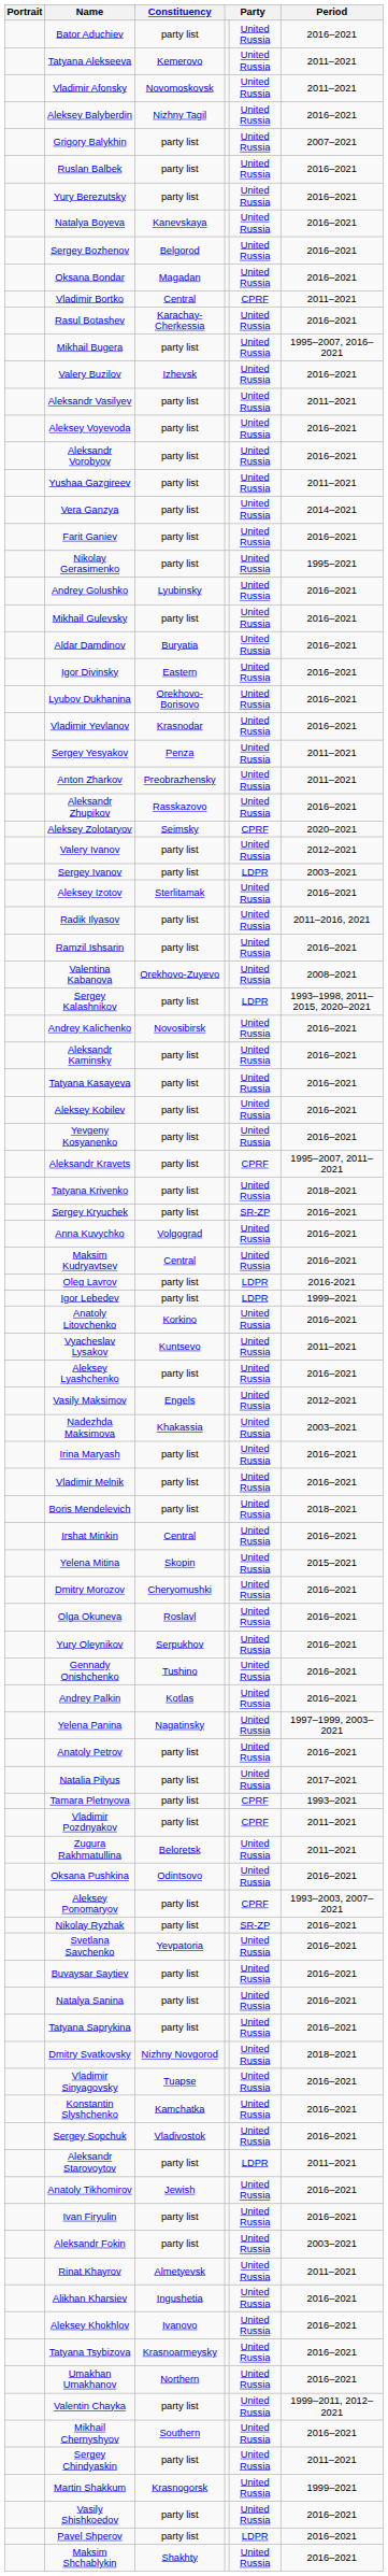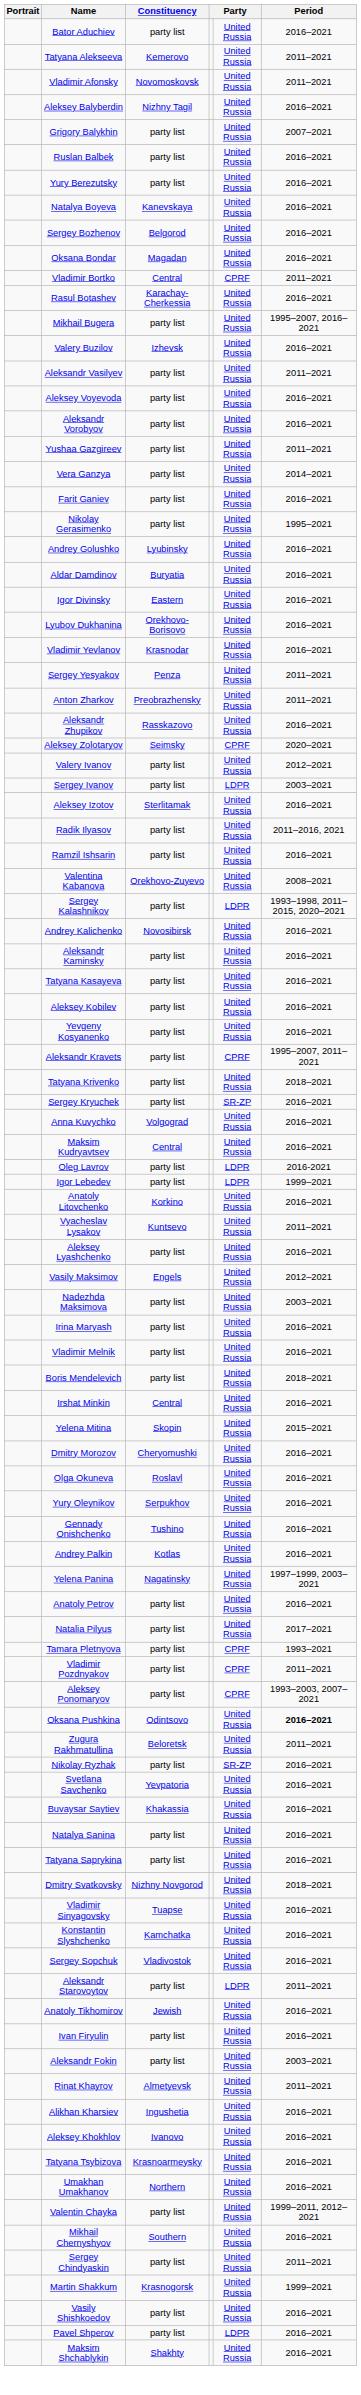 <table class="wikitable sortable">
 <tr>
 <th>Portrait</th>
 <th>Name</th>
 <th><a href='#'>Constituency</a></th>
 <th colspan=2>Party</th>
 <th>Period</th>
 </tr>
 <tr align=center>
 <td></td>
 <td><a href='#'>Bator Aduchiev</a></td>
 <td>party list</td>
 <td style="background-color: "></td>
 <td><a href='#'>United Russia</a></td>
 <td>2016–2021</td>
 </tr>
 <tr align=center>
 <td></td>
 <td><a href='#'>Tatyana Alekseeva</a></td>
 <td><a href='#'>Kemerovo</a></td>
 <td style="background-color: "></td>
 <td><a href='#'>United Russia</a></td>
 <td>2011–2021</td>
 </tr>
 <tr align=center>
 <td></td>
 <td><a href='#'>Vladimir Afonsky</a></td>
 <td><a href='#'>Novomoskovsk</a></td>
 <td style="background-color: "></td>
 <td><a href='#'>United Russia</a></td>
 <td>2011–2021</td>
 </tr>
 <tr align=center>
 <td></td>
 <td><a href='#'>Aleksey Balyberdin</a></td>
 <td><a href='#'>Nizhny Tagil</a></td>
 <td style="background-color: "></td>
 <td><a href='#'>United Russia</a></td>
 <td>2016–2021</td>
 </tr>
 <tr align=center>
 <td></td>
 <td><a href='#'>Grigory Balykhin</a></td>
 <td>party list</td>
 <td style="background-color: "></td>
 <td><a href='#'>United Russia</a></td>
 <td>2007–2021</td>
 </tr>
 <tr align=center>
 <td></td>
 <td><a href='#'>Ruslan Balbek</a></td>
 <td>party list</td>
 <td style="background-color: "></td>
 <td><a href='#'>United Russia</a></td>
 <td>2016–2021</td>
 </tr>
 <tr align=center>
 <td></td>
 <td><a href='#'>Yury Berezutsky</a></td>
 <td>party list</td>
 <td style="background-color: "></td>
 <td><a href='#'>United Russia</a></td>
 <td>2016–2021</td>
 </tr>
 <tr align=center>
 <td></td>
 <td><a href='#'>Natalya Boyeva</a></td>
 <td><a href='#'>Kanevskaya</a></td>
 <td style="background-color: "></td>
 <td><a href='#'>United Russia</a></td>
 <td>2016–2021</td>
 </tr>
 <tr align=center>
 <td></td>
 <td><a href='#'>Sergey Bozhenov</a></td>
 <td><a href='#'>Belgorod</a></td>
 <td style="background-color: "></td>
 <td><a href='#'>United Russia</a></td>
 <td>2016–2021</td>
 </tr>
 <tr align=center>
 <td></td>
 <td><a href='#'>Oksana Bondar</a></td>
 <td><a href='#'>Magadan</a></td>
 <td style="background-color: "></td>
 <td><a href='#'>United Russia</a></td>
 <td>2016–2021</td>
 </tr>
 <tr align=center>
 <td></td>
 <td><a href='#'>Vladimir Bortko</a></td>
 <td><a href='#'>Central</a></td>
 <td style="background-color: "></td>
 <td><a href='#'>CPRF</a></td>
 <td>2011–2021</td>
 </tr>
 <tr align=center>
 <td></td>
 <td><a href='#'>Rasul Botashev</a></td>
 <td><a href='#'>Karachay-Cherkessia</a></td>
 <td style="background-color: "></td>
 <td><a href='#'>United Russia</a></td>
 <td>2016–2021</td>
 </tr>
 <tr align=center>
 <td></td>
 <td><a href='#'>Mikhail Bugera</a></td>
 <td>party list</td>
 <td style="background-color: "></td>
 <td><a href='#'>United Russia</a></td>
 <td>1995–2007, 2016–2021</td>
 </tr>
 <tr align=center>
 <td></td>
 <td><a href='#'>Valery Buzilov</a></td>
 <td><a href='#'>Izhevsk</a></td>
 <td style="background-color: "></td>
 <td><a href='#'>United Russia</a></td>
 <td>2016–2021</td>
 </tr>
 <tr align=center>
 <td></td>
 <td><a href='#'>Aleksandr Vasilyev</a></td>
 <td>party list</td>
 <td style="background-color: "></td>
 <td><a href='#'>United Russia</a></td>
 <td>2011–2021</td>
 </tr>
 <tr align=center>
 <td></td>
 <td><a href='#'>Aleksey Voyevoda</a></td>
 <td>party list</td>
 <td style="background-color: "></td>
 <td><a href='#'>United Russia</a></td>
 <td>2016–2021</td>
 </tr>
 <tr align=center>
 <td></td>
 <td><a href='#'>Aleksandr Vorobyov</a></td>
 <td>party list</td>
 <td style="background-color: "></td>
 <td><a href='#'>United Russia</a></td>
 <td>2016–2021</td>
 </tr>
 <tr align=center>
 <td></td>
 <td><a href='#'>Yushaa Gazgireev</a></td>
 <td>party list</td>
 <td style="background-color: "></td>
 <td><a href='#'>United Russia</a></td>
 <td>2011–2021</td>
 </tr>
 <tr align=center>
 <td></td>
 <td><a href='#'>Vera Ganzya</a></td>
 <td>party list</td>
 <td style="background-color: "></td>
 <td><a href='#'>United Russia</a></td>
 <td>2014–2021</td>
 </tr>
 <tr align=center>
 <td></td>
 <td><a href='#'>Farit Ganiev</a></td>
 <td>party list</td>
 <td style="background-color: "></td>
 <td><a href='#'>United Russia</a></td>
 <td>2016–2021</td>
 </tr>
 <tr align=center>
 <td></td>
 <td><a href='#'>Nikolay Gerasimenko</a></td>
 <td>party list</td>
 <td style="background-color: "></td>
 <td><a href='#'>United Russia</a></td>
 <td>1995–2021</td>
 </tr>
 <tr align=center>
 <td></td>
 <td><a href='#'>Andrey Golushko</a></td>
 <td><a href='#'>Lyubinsky</a></td>
-<td style="background-color: "></td>
-<td><a href='#'>United Russia</a></td>
-<td>2016–2021</td>
-</tr>
-<tr align=center>
-<td></td>
-<td><a href='#'>Mikhail Gulevsky</a></td>
-<td>party list</td>
 <td style="background-color: "></td>
 <td><a href='#'>United Russia</a></td>
 <td>2016–2021</td>
 </tr>
 <tr align=center>
 <td></td>
 <td><a href='#'>Aldar Damdinov</a></td>
 <td><a href='#'>Buryatia</a></td>
 <td style="background-color: "></td>
 <td><a href='#'>United Russia</a></td>
 <td>2016–2021</td>
 </tr>
 <tr align=center>
 <td></td>
 <td><a href='#'>Igor Divinsky</a></td>
 <td><a href='#'>Eastern</a></td>
 <td style="background-color: "></td>
 <td><a href='#'>United Russia</a></td>
 <td>2016–2021</td>
 </tr>
 <tr align=center>
 <td></td>
 <td><a href='#'>Lyubov Dukhanina</a></td>
 <td><a href='#'>Orekhovo-Borisovo</a></td>
 <td style="background-color: "></td>
 <td><a href='#'>United Russia</a></td>
 <td>2016–2021</td>
 </tr>
 <tr align=center>
 <td></td>
 <td><a href='#'>Vladimir Yevlanov</a></td>
 <td><a href='#'>Krasnodar</a></td>
 <td style="background-color: "></td>
 <td><a href='#'>United Russia</a></td>
 <td>2016–2021</td>
 </tr>
 <tr align=center>
 <td></td>
 <td><a href='#'>Sergey Yesyakov</a></td>
 <td><a href='#'>Penza</a></td>
 <td style="background-color: "></td>
 <td><a href='#'>United Russia</a></td>
 <td>2011–2021</td>
 </tr>
 <tr align=center>
 <td></td>
 <td><a href='#'>Anton Zharkov</a></td>
 <td><a href='#'>Preobrazhensky</a></td>
 <td style="background-color: "></td>
 <td><a href='#'>United Russia</a></td>
 <td>2011–2021</td>
 </tr>
 <tr align=center>
 <td></td>
 <td><a href='#'>Aleksandr Zhupikov</a></td>
 <td><a href='#'>Rasskazovo</a></td>
 <td style="background-color: "></td>
 <td><a href='#'>United Russia</a></td>
 <td>2016–2021</td>
 </tr>
 <tr align=center>
 <td></td>
 <td><a href='#'>Aleksey Zolotaryov</a></td>
 <td><a href='#'>Seimsky</a></td>
 <td style="background-color: "></td>
 <td><a href='#'>CPRF</a></td>
 <td>2020–2021</td>
 </tr>
 <tr align=center>
 <td></td>
 <td><a href='#'>Valery Ivanov</a></td>
 <td>party list</td>
 <td style="background-color: "></td>
 <td><a href='#'>United Russia</a></td>
 <td>2012–2021</td>
 </tr>
 <tr align=center>
 <td></td>
 <td><a href='#'>Sergey Ivanov</a></td>
 <td>party list</td>
 <td style="background-color: "></td>
 <td><a href='#'>LDPR</a></td>
 <td>2003–2021</td>
 </tr>
 <tr align=center>
 <td></td>
 <td><a href='#'>Aleksey Izotov</a></td>
 <td><a href='#'>Sterlitamak</a></td>
 <td style="background-color: "></td>
 <td><a href='#'>United Russia</a></td>
 <td>2016–2021</td>
 </tr>
 <tr align=center>
 <td></td>
 <td><a href='#'>Radik Ilyasov</a></td>
 <td>party list</td>
 <td style="background-color: "></td>
 <td><a href='#'>United Russia</a></td>
 <td>2011–2016, 2021</td>
 </tr>
 <tr align=center>
 <td></td>
 <td><a href='#'>Ramzil Ishsarin</a></td>
 <td>party list</td>
 <td style="background-color: "></td>
 <td><a href='#'>United Russia</a></td>
 <td>2016–2021</td>
 </tr>
 <tr align=center>
 <td></td>
 <td><a href='#'>Valentina Kabanova</a></td>
 <td><a href='#'>Orekhovo-Zuyevo</a></td>
 <td style="background-color: "></td>
 <td><a href='#'>United Russia</a></td>
 <td>2008–2021</td>
 </tr>
 <tr align=center>
 <td></td>
 <td><a href='#'>Sergey Kalashnikov</a></td>
 <td>party list</td>
 <td style="background-color: "></td>
 <td><a href='#'>LDPR</a></td>
 <td>1993–1998, 2011–2015, 2020–2021</td>
 </tr>
 <tr align=center>
 <td></td>
 <td><a href='#'>Andrey Kalichenko</a></td>
 <td><a href='#'>Novosibirsk</a></td>
 <td style="background-color: "></td>
 <td><a href='#'>United Russia</a></td>
 <td>2016–2021</td>
 </tr>
 <tr align=center>
 <td></td>
 <td><a href='#'>Aleksandr Kaminsky</a></td>
 <td>party list</td>
 <td style="background-color: "></td>
 <td><a href='#'>United Russia</a></td>
 <td>2016–2021</td>
 </tr>
 <tr align=center>
 <td></td>
 <td><a href='#'>Tatyana Kasayeva</a></td>
 <td>party list</td>
 <td style="background-color: "></td>
 <td><a href='#'>United Russia</a></td>
 <td>2016–2021</td>
 </tr>
 <tr align=center>
 <td></td>
 <td><a href='#'>Aleksey Kobilev</a></td>
 <td>party list</td>
 <td style="background-color: "></td>
 <td><a href='#'>United Russia</a></td>
 <td>2016–2021</td>
 </tr>
 <tr align=center>
 <td></td>
 <td><a href='#'>Yevgeny Kosyanenko</a></td>
 <td>party list</td>
 <td style="background-color: "></td>
 <td><a href='#'>United Russia</a></td>
 <td>2016–2021</td>
 </tr>
 <tr align=center>
 <td></td>
 <td><a href='#'>Aleksandr Kravets</a></td>
 <td>party list</td>
 <td style="background-color: "></td>
 <td><a href='#'>CPRF</a></td>
 <td>1995–2007, 2011–2021</td>
 </tr>
 <tr align=center>
 <td></td>
 <td><a href='#'>Tatyana Krivenko</a></td>
 <td>party list</td>
 <td style="background-color: "></td>
 <td><a href='#'>United Russia</a></td>
 <td>2018–2021</td>
 </tr>
 <tr align=center>
 <td></td>
 <td><a href='#'>Sergey Kryuchek</a></td>
 <td>party list</td>
 <td style="background-color: "></td>
 <td><a href='#'>SR-ZP</a></td>
 <td>2016–2021</td>
 </tr>
 <tr align=center>
 <td></td>
 <td><a href='#'>Anna Kuvychko</a></td>
 <td><a href='#'>Volgograd</a></td>
 <td style="background-color: "></td>
 <td><a href='#'>United Russia</a></td>
 <td>2016–2021</td>
 </tr>
 <tr align=center>
 <td></td>
 <td><a href='#'>Maksim Kudryavtsev</a></td>
 <td><a href='#'>Central</a></td>
 <td style="background-color: "></td>
 <td><a href='#'>United Russia</a></td>
 <td>2016–2021</td>
 </tr>
 <tr align=center>
 <td></td>
 <td><a href='#'>Oleg Lavrov</a></td>
 <td>party list</td>
 <td style="background-color: "></td>
 <td><a href='#'>LDPR</a></td>
 <td>2016-2021</td>
 </tr>
 <tr align=center>
 <td></td>
 <td><a href='#'>Igor Lebedev</a></td>
 <td>party list</td>
 <td style="background-color: "></td>
 <td><a href='#'>LDPR</a></td>
 <td>1999–2021</td>
 </tr>
 <tr align=center>
 <td></td>
 <td><a href='#'>Anatoly Litovchenko</a></td>
 <td><a href='#'>Korkino</a></td>
 <td style="background-color: "></td>
 <td><a href='#'>United Russia</a></td>
 <td>2016–2021</td>
 </tr>
 <tr align=center>
 <td></td>
 <td><a href='#'>Vyacheslav Lysakov</a></td>
 <td><a href='#'>Kuntsevo</a></td>
 <td style="background-color: "></td>
 <td><a href='#'>United Russia</a></td>
 <td>2011–2021</td>
 </tr>
 <tr align=center>
 <td></td>
 <td><a href='#'>Aleksey Lyashchenko</a></td>
 <td>party list</td>
 <td style="background-color: "></td>
 <td><a href='#'>United Russia</a></td>
 <td>2016–2021</td>
 </tr>
 <tr align=center>
 <td></td>
 <td><a href='#'>Vasily Maksimov</a></td>
 <td><a href='#'>Engels</a></td>
 <td style="background-color: "></td>
 <td><a href='#'>United Russia</a></td>
 <td>2012–2021</td>
 </tr>
 <tr align=center>
 <td></td>
 <td><a href='#'>Nadezhda Maksimova</a></td>
-<td><a href='#'>Khakassia</a></td>
+<td>party list</td>
 <td style="background-color: "></td>
 <td><a href='#'>United Russia</a></td>
 <td>2003–2021</td>
 </tr>
 <tr align=center>
 <td></td>
 <td><a href='#'>Irina Maryash</a></td>
 <td>party list</td>
 <td style="background-color: "></td>
 <td><a href='#'>United Russia</a></td>
 <td>2016–2021</td>
 </tr>
 <tr align=center>
 <td></td>
 <td><a href='#'>Vladimir Melnik</a></td>
 <td>party list</td>
 <td style="background-color: "></td>
 <td><a href='#'>United Russia</a></td>
 <td>2016–2021</td>
 </tr>
 <tr align=center>
 <td></td>
 <td><a href='#'>Boris Mendelevich</a></td>
 <td>party list</td>
 <td style="background-color: "></td>
 <td><a href='#'>United Russia</a></td>
 <td>2018–2021</td>
 </tr>
 <tr align=center>
 <td></td>
 <td><a href='#'>Irshat Minkin</a></td>
 <td><a href='#'>Central</a></td>
 <td style="background-color: "></td>
 <td><a href='#'>United Russia</a></td>
 <td>2016–2021</td>
 </tr>
 <tr align=center>
 <td></td>
 <td><a href='#'>Yelena Mitina</a></td>
 <td><a href='#'>Skopin</a></td>
 <td style="background-color: "></td>
 <td><a href='#'>United Russia</a></td>
 <td>2015–2021</td>
 </tr>
 <tr align=center>
 <td></td>
 <td><a href='#'>Dmitry Morozov</a></td>
 <td><a href='#'>Cheryomushki</a></td>
 <td style="background-color: "></td>
 <td><a href='#'>United Russia</a></td>
 <td>2016–2021</td>
 </tr>
 <tr align=center>
 <td></td>
 <td><a href='#'>Olga Okuneva</a></td>
 <td><a href='#'>Roslavl</a></td>
 <td style="background-color: "></td>
 <td><a href='#'>United Russia</a></td>
 <td>2016–2021</td>
 </tr>
 <tr align=center>
 <td></td>
 <td><a href='#'>Yury Oleynikov</a></td>
 <td><a href='#'>Serpukhov</a></td>
 <td style="background-color: "></td>
 <td><a href='#'>United Russia</a></td>
 <td>2016–2021</td>
 </tr>
 <tr align=center>
 <td></td>
 <td><a href='#'>Gennady Onishchenko</a></td>
 <td><a href='#'>Tushino</a></td>
 <td style="background-color: "></td>
 <td><a href='#'>United Russia</a></td>
 <td>2016–2021</td>
 </tr>
 <tr align=center>
 <td></td>
 <td><a href='#'>Andrey Palkin</a></td>
 <td><a href='#'>Kotlas</a></td>
 <td style="background-color: "></td>
 <td><a href='#'>United Russia</a></td>
 <td>2016–2021</td>
 </tr>
 <tr align=center>
 <td></td>
 <td><a href='#'>Yelena Panina</a></td>
 <td><a href='#'>Nagatinsky</a></td>
 <td style="background-color: "></td>
 <td><a href='#'>United Russia</a></td>
 <td>1997–1999, 2003–2021</td>
 </tr>
 <tr align=center>
 <td></td>
 <td><a href='#'>Anatoly Petrov</a></td>
 <td>party list</td>
 <td style="background-color: "></td>
 <td><a href='#'>United Russia</a></td>
 <td>2016–2021</td>
 </tr>
 <tr align=center>
 <td></td>
 <td><a href='#'>Natalia Pilyus</a></td>
 <td>party list</td>
 <td style="background-color: "></td>
 <td><a href='#'>United Russia</a></td>
 <td>2017–2021</td>
 </tr>
 <tr align=center>
 <td></td>
 <td><a href='#'>Tamara Pletnyova</a></td>
 <td>party list</td>
 <td style="background-color: "></td>
 <td><a href='#'>CPRF</a></td>
 <td>1993–2021</td>
 </tr>
 <tr align=center>
 <td></td>
 <td><a href='#'>Vladimir Pozdnyakov</a></td>
 <td>party list</td>
 <td style="background-color: "></td>
 <td><a href='#'>CPRF</a></td>
 <td>2011–2021</td>
 </tr>
 <tr align=center>
 <td></td>
-<td><a href='#'>Zugura Rakhmatullina</a></td>
-<td><a href='#'>Beloretsk</a></td>
+<td><a href='#'>Aleksey Ponomaryov</a></td>
+<td>party list</td>
 <td style="background-color: "></td>
-<td><a href='#'>United Russia</a></td>
-<td>2011–2021</td>
+<td><a href='#'>CPRF</a></td>
+<td>1993–2003, 2007–2021</td>
 </tr>
 <tr align=center>
 <td></td>
 <td><a href='#'>Oksana Pushkina</a></td>
 <td><a href='#'>Odintsovo</a></td>
 <td style="background-color: "></td>
 <td><a href='#'>United Russia</a></td>
-<td>2016–2021</td>
+<td><strong>2016–2021</strong></td>
 </tr>
 <tr align=center>
 <td></td>
-<td><a href='#'>Aleksey Ponomaryov</a></td>
-<td>party list</td>
+<td><a href='#'>Zugura Rakhmatullina</a></td>
+<td><a href='#'>Beloretsk</a></td>
 <td style="background-color: "></td>
-<td><a href='#'>CPRF</a></td>
-<td>1993–2003, 2007–2021</td>
+<td><a href='#'>United Russia</a></td>
+<td>2011–2021</td>
 </tr>
 <tr align=center>
 <td></td>
 <td><a href='#'>Nikolay Ryzhak</a></td>
 <td>party list</td>
 <td style="background-color: "></td>
 <td><a href='#'>SR-ZP</a></td>
 <td>2016–2021</td>
 </tr>
 <tr align=center>
 <td></td>
 <td><a href='#'>Svetlana Savchenko</a></td>
 <td><a href='#'>Yevpatoria</a></td>
 <td style="background-color: "></td>
 <td><a href='#'>United Russia</a></td>
 <td>2016–2021</td>
 </tr>
 <tr align=center>
 <td></td>
 <td><a href='#'>Buvaysar Saytiev</a></td>
-<td>party list</td>
+<td><a href='#'>Khakassia</a></td>
 <td style="background-color: "></td>
 <td><a href='#'>United Russia</a></td>
 <td>2016–2021</td>
 </tr>
 <tr align=center>
 <td></td>
 <td><a href='#'>Natalya Sanina</a></td>
 <td>party list</td>
 <td style="background-color: "></td>
 <td><a href='#'>United Russia</a></td>
 <td>2016–2021</td>
 </tr>
 <tr align=center>
 <td></td>
 <td><a href='#'>Tatyana Saprykina</a></td>
 <td>party list</td>
 <td style="background-color: "></td>
 <td><a href='#'>United Russia</a></td>
 <td>2016–2021</td>
 </tr>
 <tr align=center>
 <td></td>
 <td><a href='#'>Dmitry Svatkovsky</a></td>
 <td><a href='#'>Nizhny Novgorod</a></td>
 <td style="background-color: "></td>
 <td><a href='#'>United Russia</a></td>
 <td>2018–2021</td>
 </tr>
 <tr align=center>
 <td></td>
 <td><a href='#'>Vladimir Sinyagovsky</a></td>
 <td><a href='#'>Tuapse</a></td>
 <td style="background-color: "></td>
 <td><a href='#'>United Russia</a></td>
 <td>2016–2021</td>
 </tr>
 <tr align=center>
 <td></td>
 <td><a href='#'>Konstantin Slyshchenko</a></td>
 <td><a href='#'>Kamchatka</a></td>
 <td style="background-color: "></td>
 <td><a href='#'>United Russia</a></td>
 <td>2016–2021</td>
 </tr>
 <tr align=center>
 <td></td>
 <td><a href='#'>Sergey Sopchuk</a></td>
 <td><a href='#'>Vladivostok</a></td>
 <td style="background-color: "></td>
 <td><a href='#'>United Russia</a></td>
 <td>2016–2021</td>
 </tr>
 <tr align=center>
 <td></td>
 <td><a href='#'>Aleksandr Starovoytov</a></td>
 <td>party list</td>
 <td style="background-color: "></td>
 <td><a href='#'>LDPR</a></td>
 <td>2011–2021</td>
 </tr>
 <tr align=center>
 <td></td>
 <td><a href='#'>Anatoly Tikhomirov</a></td>
 <td><a href='#'>Jewish</a></td>
 <td style="background-color: "></td>
 <td><a href='#'>United Russia</a></td>
 <td>2016–2021</td>
 </tr>
 <tr align=center>
 <td></td>
 <td><a href='#'>Ivan Firyulin</a></td>
 <td>party list</td>
 <td style="background-color: "></td>
 <td><a href='#'>United Russia</a></td>
 <td>2016–2021</td>
 </tr>
 <tr align=center>
 <td></td>
 <td><a href='#'>Aleksandr Fokin</a></td>
 <td>party list</td>
 <td style="background-color: "></td>
 <td><a href='#'>United Russia</a></td>
 <td>2003–2021</td>
 </tr>
 <tr align=center>
 <td></td>
 <td><a href='#'>Rinat Khayrov</a></td>
 <td><a href='#'>Almetyevsk</a></td>
 <td style="background-color: "></td>
 <td><a href='#'>United Russia</a></td>
 <td>2011–2021</td>
 </tr>
 <tr align=center>
 <td></td>
 <td><a href='#'>Alikhan Kharsiev</a></td>
 <td><a href='#'>Ingushetia</a></td>
 <td style="background-color: "></td>
 <td><a href='#'>United Russia</a></td>
 <td>2016–2021</td>
 </tr>
 <tr align=center>
 <td></td>
 <td><a href='#'>Aleksey Khokhlov</a></td>
 <td><a href='#'>Ivanovo</a></td>
 <td style="background-color: "></td>
 <td><a href='#'>United Russia</a></td>
 <td>2016–2021</td>
 </tr>
 <tr align=center>
 <td></td>
 <td><a href='#'>Tatyana Tsybizova</a></td>
 <td><a href='#'>Krasnoarmeysky</a></td>
 <td style="background-color: "></td>
 <td><a href='#'>United Russia</a></td>
 <td>2016–2021</td>
 </tr>
 <tr align=center>
 <td></td>
 <td><a href='#'>Umakhan Umakhanov</a></td>
 <td><a href='#'>Northern</a></td>
 <td style="background-color: "></td>
 <td><a href='#'>United Russia</a></td>
 <td>2016–2021</td>
 </tr>
 <tr align=center>
 <td></td>
 <td><a href='#'>Valentin Chayka</a></td>
 <td>party list</td>
 <td style="background-color: "></td>
 <td><a href='#'>United Russia</a></td>
 <td>1999–2011, 2012–2021</td>
 </tr>
 <tr align=center>
 <td></td>
 <td><a href='#'>Mikhail Chernyshyov</a></td>
 <td><a href='#'>Southern</a></td>
 <td style="background-color: "></td>
 <td><a href='#'>United Russia</a></td>
 <td>2016–2021</td>
 </tr>
 <tr align=center>
 <td></td>
 <td><a href='#'>Sergey Chindyaskin</a></td>
 <td>party list</td>
 <td style="background-color: "></td>
 <td><a href='#'>United Russia</a></td>
 <td>2011–2021</td>
 </tr>
 <tr align=center>
 <td></td>
 <td><a href='#'>Martin Shakkum</a></td>
 <td><a href='#'>Krasnogorsk</a></td>
 <td style="background-color: "></td>
 <td><a href='#'>United Russia</a></td>
 <td>1999–2021</td>
 </tr>
 <tr align=center>
 <td></td>
 <td><a href='#'>Vasily Shishkoedov</a></td>
 <td>party list</td>
 <td style="background-color: "></td>
 <td><a href='#'>United Russia</a></td>
 <td>2016–2021</td>
 </tr>
 <tr align=center>
 <td></td>
 <td><a href='#'>Pavel Shperov</a></td>
 <td>party list</td>
 <td style="background-color: "></td>
 <td><a href='#'>LDPR</a></td>
 <td>2016–2021</td>
 </tr>
 <tr align=center>
 <td></td>
 <td><a href='#'>Maksim Shchablykin</a></td>
 <td><a href='#'>Shakhty</a></td>
 <td style="background-color: "></td>
 <td><a href='#'>United Russia</a></td>
 <td>2016–2021</td>
 </tr>
 </table>
